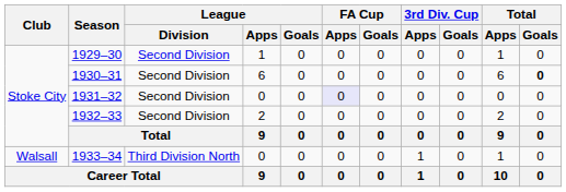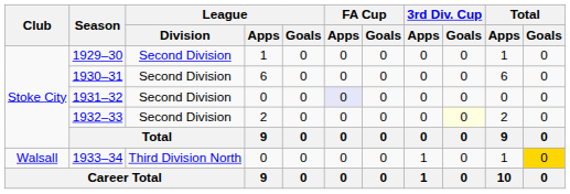 <table class="wikitable" style="text-align: center;">
 <tr>
 <th rowspan="2">Club</th>
 <th rowspan="2">Season</th>
 <th colspan="3">League</th>
 <th colspan="2">FA Cup</th>
 <th colspan="2"><a href='#'>3rd Div. Cup</a></th>
 <th colspan="2">Total</th>
 </tr>
 <tr>
 <th>Division</th>
 <th>Apps</th>
 <th>Goals</th>
 <th>Apps</th>
 <th>Goals</th>
 <th>Apps</th>
 <th>Goals</th>
 <th>Apps</th>
 <th>Goals</th>
 </tr>
 <tr>
 <td rowspan=5><a href='#'>Stoke City</a></td>
 <td><a href='#'>1929–30</a></td>
 <td><a href='#'>Second Division</a></td>
 <td>1</td>
 <td>0</td>
 <td>0</td>
 <td>0</td>
 <td>0</td>
 <td>0</td>
 <td>1</td>
 <td>0</td>
 </tr>
 <tr>
 <td><a href='#'>1930–31</a></td>
 <td>Second Division</td>
 <td>6</td>
 <td>0</td>
 <td>0</td>
 <td>0</td>
 <td>0</td>
 <td>0</td>
 <td>6</td>
-<td><strong>0</strong></td>
+<td>0</td>
 </tr>
 <tr>
 <td><a href='#'>1931–32</a></td>
 <td>Second Division</td>
 <td>0</td>
 <td>0</td>
 <td style="background: lavender;">0</td>
 <td>0</td>
 <td>0</td>
 <td>0</td>
 <td>0</td>
 <td>0</td>
 </tr>
 <tr>
 <td><a href='#'>1932–33</a></td>
 <td>Second Division</td>
 <td>2</td>
 <td>0</td>
 <td>0</td>
 <td>0</td>
 <td>0</td>
-<td>0</td>
+<td style="background: lightyellow;">0</td>
 <td>2</td>
 <td>0</td>
 </tr>
 <tr>
 <th colspan=2>Total</th>
 <th>9</th>
 <th>0</th>
 <th>0</th>
 <th>0</th>
 <th>0</th>
 <th>0</th>
 <th>9</th>
 <th>0</th>
 </tr>
 <tr>
 <td><a href='#'>Walsall</a></td>
 <td><a href='#'>1933–34</a></td>
 <td><a href='#'>Third Division North</a></td>
 <td>0</td>
 <td>0</td>
 <td>0</td>
 <td>0</td>
 <td>1</td>
 <td>0</td>
 <td>1</td>
-<td>0</td>
+<td style="background: gold;">0</td>
 </tr>
 <tr>
 <th colspan="3">Career Total</th>
 <th>9</th>
 <th>0</th>
 <th>0</th>
 <th>0</th>
 <th>1</th>
 <th>0</th>
 <th>10</th>
 <th>0</th>
 </tr>
 </table>
